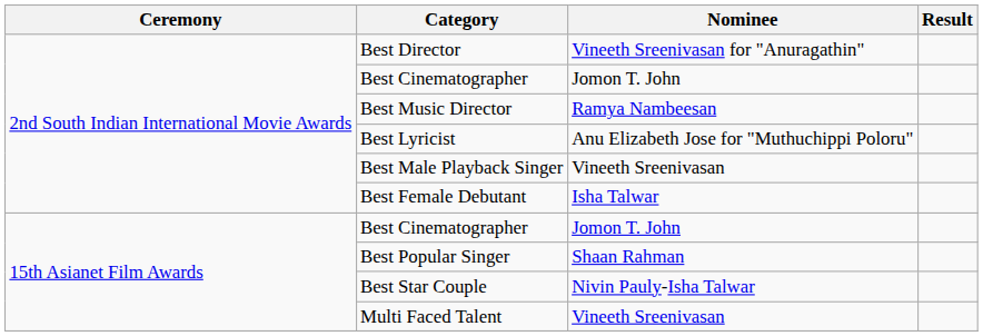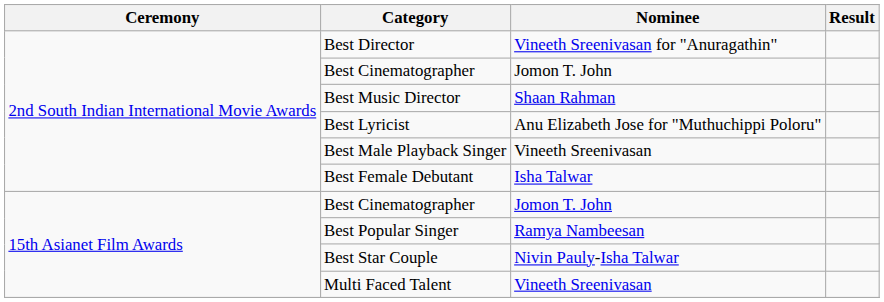 <table class="wikitable">
 <tr>
 <th>Ceremony</th>
 <th>Category</th>
 <th>Nominee</th>
 <th>Result</th>
 </tr>
 <tr>
 <td rowspan="6"><a href='#'>2nd South Indian International Movie Awards</a></td>
 <td>Best Director</td>
 <td><a href='#'>Vineeth Sreenivasan</a> for "Anuragathin"</td>
 <td></td>
 </tr>
 <tr>
 <td>Best Cinematographer</td>
 <td>Jomon T. John</td>
 <td></td>
 </tr>
 <tr>
 <td>Best Music Director</td>
-<td><a href='#'>Ramya Nambeesan</a></td>
+<td><a href='#'>Shaan Rahman</a></td>
 <td></td>
 </tr>
 <tr>
 <td>Best Lyricist</td>
 <td>Anu Elizabeth Jose for "Muthuchippi Poloru"</td>
 <td></td>
 </tr>
 <tr>
 <td>Best Male Playback Singer</td>
 <td>Vineeth Sreenivasan</td>
 <td></td>
 </tr>
 <tr>
 <td>Best Female Debutant</td>
 <td><a href='#'>Isha Talwar</a></td>
 <td></td>
 </tr>
 <tr>
 <td rowspan="4"><a href='#'>15th Asianet Film Awards</a></td>
 <td>Best Cinematographer</td>
 <td><a href='#'>Jomon T. John</a></td>
 <td></td>
 </tr>
 <tr>
 <td>Best Popular Singer</td>
-<td><a href='#'>Shaan Rahman</a></td>
+<td><a href='#'>Ramya Nambeesan</a></td>
 <td></td>
 </tr>
 <tr>
 <td>Best Star Couple</td>
 <td><a href='#'>Nivin Pauly</a>-<a href='#'>Isha Talwar</a></td>
 <td></td>
 </tr>
 <tr>
 <td>Multi Faced Talent</td>
 <td><a href='#'>Vineeth Sreenivasan</a></td>
 <td></td>
 </tr>
 <tr>
 </tr>
 </table>
